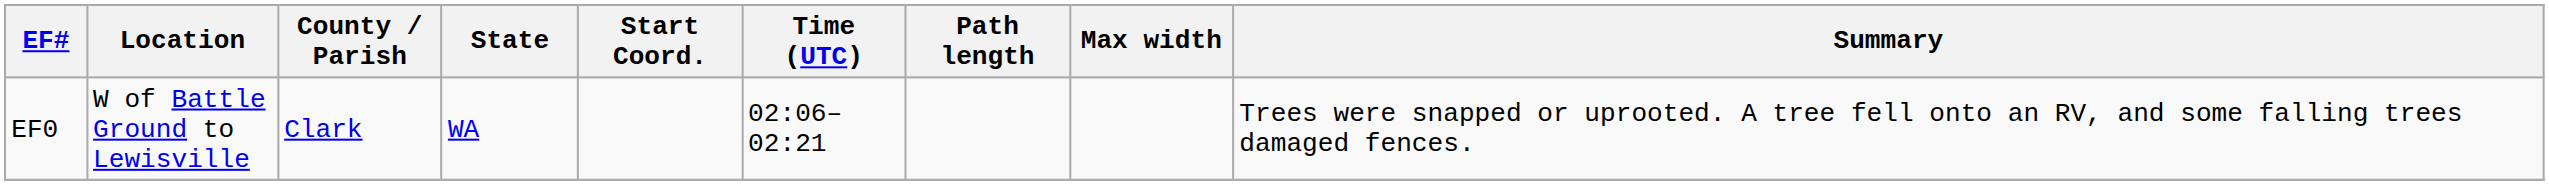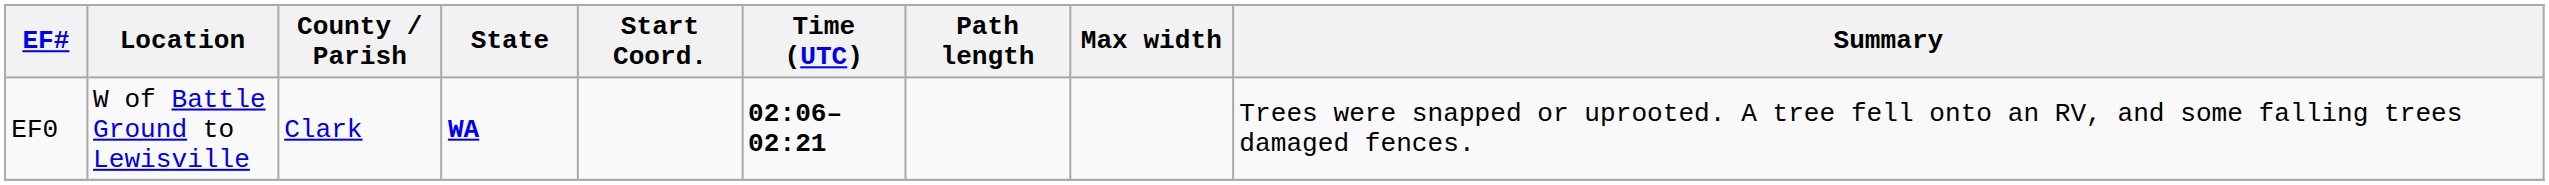 <table class="wikitable sortable" style="width:100%;">
 <tr>
 <th scope="col"  style="width:3%; text-align:center;"><a href='#'>EF#</a></th>
 <th scope="col"  style="width:7%; text-align:center;" class="unsortable">Location</th>
 <th scope="col"  style="width:6%; text-align:center;" class="unsortable">County / Parish</th>
 <th scope="col"  style="width:5%; text-align:center;">State</th>
 <th scope="col"  style="width:6%; text-align:center;">Start Coord.</th>
 <th scope="col"  style="width:6%; text-align:center;">Time (<a href='#'>UTC</a>)</th>
 <th scope="col"  style="width:6%; text-align:center;">Path length</th>
 <th scope="col"  style="width:6%; text-align:center;">Max width</th>
 <th scope="col" class="unsortable" style="width:48%; text-align:center;">Summary</th>
 </tr>
 <tr>
 <td>EF0</td>
 <td>W of <a href='#'>Battle Ground</a> to <a href='#'>Lewisville</a></td>
 <td><a href='#'>Clark</a></td>
-<td><a href='#'>WA</a></td>
+<td><strong><a href='#'>WA</a></strong></td>
 <td></td>
-<td>02:06–02:21</td>
+<td><strong>02:06–02:21</strong></td>
 <td></td>
 <td></td>
 <td>Trees were snapped or uprooted. A tree fell onto an RV, and some falling trees damaged fences.</td>
 </tr>
 <tr>
 </tr>
 </table>
